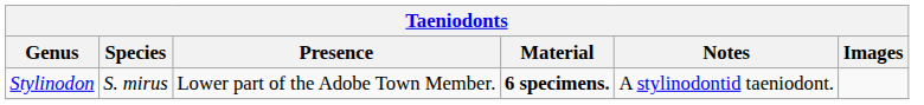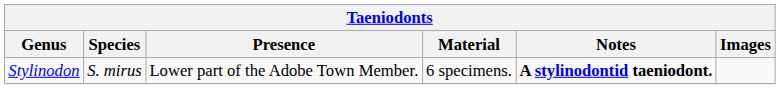 <table class="wikitable" align="center">
 <tr>
 <th colspan="6" align="center"><strong><a href='#'>Taeniodonts</a></strong></th>
 </tr>
 <tr>
 <th>Genus</th>
 <th>Species</th>
 <th>Presence</th>
 <th><strong>Material</strong></th>
 <th>Notes</th>
 <th>Images</th>
 </tr>
 <tr>
 <td><em><a href='#'>Stylinodon</a></em></td>
 <td><em>S. mirus</em></td>
 <td>Lower part of the Adobe Town Member.</td>
-<td><strong>6 specimens.</strong></td>
-<td>A <a href='#'>stylinodontid</a> taeniodont.</td>
+<td>6 specimens.</td>
+<td><strong>A <a href='#'>stylinodontid</a> taeniodont.</strong></td>
 <td></td>
 </tr>
 <tr>
 </tr>
 </table>
